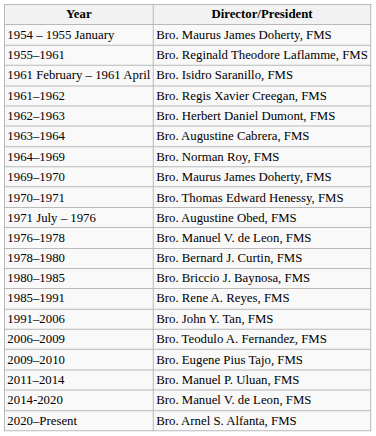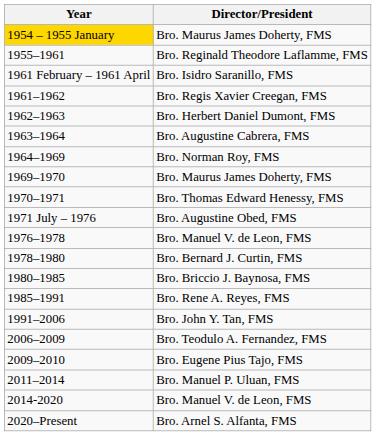 <table class="wikitable">
 <tr>
 <th>Year</th>
 <th>Director/President</th>
 </tr>
 <tr>
-<td>1954 – 1955 January</td>
+<td style="background: gold;">1954 – 1955 January</td>
 <td>Bro. Maurus James Doherty, FMS</td>
 </tr>
 <tr>
 <td>1955–1961</td>
 <td>Bro. Reginald Theodore Laflamme, FMS</td>
 </tr>
 <tr>
 <td>1961 February – 1961 April</td>
 <td>Bro. Isidro Saranillo, FMS</td>
 </tr>
 <tr>
 <td>1961–1962</td>
 <td>Bro. Regis Xavier Creegan, FMS</td>
 </tr>
 <tr>
 <td>1962–1963</td>
 <td>Bro. Herbert Daniel Dumont, FMS</td>
 </tr>
 <tr>
 <td>1963–1964</td>
 <td>Bro. Augustine Cabrera, FMS</td>
 </tr>
 <tr>
 <td>1964–1969</td>
 <td>Bro. Norman Roy, FMS</td>
 </tr>
 <tr>
 <td>1969–1970</td>
 <td>Bro. Maurus James Doherty, FMS</td>
 </tr>
 <tr>
 <td>1970–1971</td>
 <td>Bro. Thomas Edward Henessy, FMS</td>
 </tr>
 <tr>
 <td>1971 July – 1976</td>
 <td>Bro. Augustine Obed, FMS</td>
 </tr>
 <tr>
 <td>1976–1978</td>
 <td>Bro. Manuel V. de Leon, FMS</td>
 </tr>
 <tr>
 <td>1978–1980</td>
 <td>Bro. Bernard J. Curtin, FMS</td>
 </tr>
 <tr>
 <td>1980–1985</td>
 <td>Bro. Briccio J. Baynosa, FMS</td>
 </tr>
 <tr>
 <td>1985–1991</td>
 <td>Bro. Rene A. Reyes, FMS</td>
 </tr>
 <tr>
 <td>1991–2006</td>
 <td>Bro. John Y. Tan, FMS</td>
 </tr>
 <tr>
 <td>2006–2009</td>
 <td>Bro. Teodulo A. Fernandez, FMS</td>
 </tr>
 <tr>
 <td>2009–2010</td>
 <td>Bro. Eugene Pius Tajo, FMS</td>
 </tr>
 <tr>
 <td>2011–2014</td>
 <td>Bro. Manuel P. Uluan, FMS</td>
 </tr>
 <tr>
 <td>2014-2020</td>
 <td>Bro. Manuel V. de Leon, FMS</td>
 </tr>
 <tr>
 <td>2020–Present</td>
 <td>Bro. Arnel S. Alfanta, FMS</td>
 </tr>
 </table>
